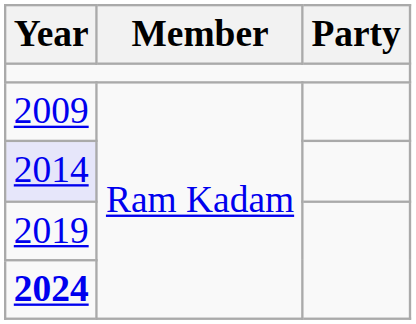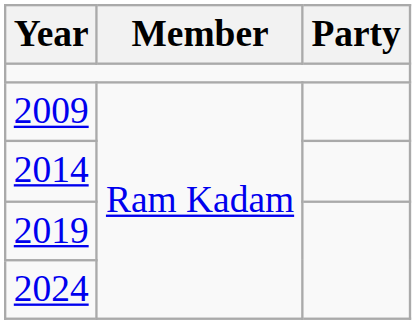 <table class="wikitable">
 <tr>
 <th>Year</th>
 <th>Member</th>
 <th colspan="2">Party</th>
 </tr>
 <tr>
 <td colspan=4></td>
 </tr>
 <tr>
 <td><a href='#'>2009</a></td>
 <td rowspan="4"><a href='#'>Ram Kadam</a></td>
 <td></td>
 </tr>
 <tr>
-<td style="background: lavender;"><a href='#'>2014</a></td>
+<td><a href='#'>2014</a></td>
 <td></td>
 </tr>
 <tr>
 <td><a href='#'>2019</a></td>
 </tr>
 <tr>
-<td><strong><a href='#'>2024</a></strong></td>
+<td><a href='#'>2024</a></td>
 </tr>
 </table>
